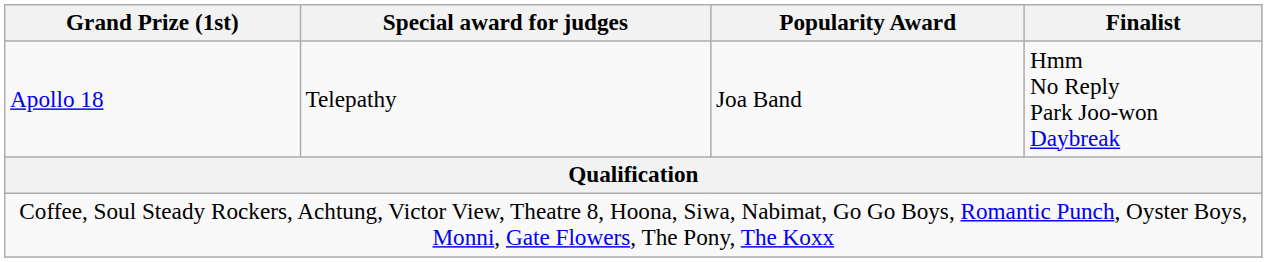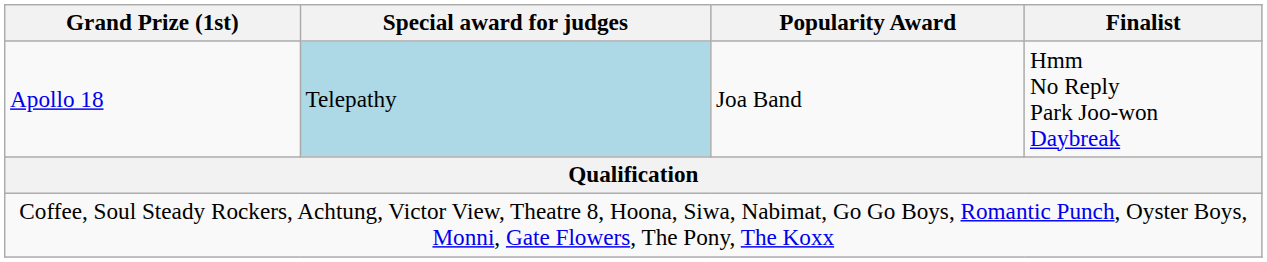 <table class="wikitable">
 <tr>
 <th scope="col">Grand Prize (1st)</th>
 <th scope="col">Special award for judges</th>
 <th scope="col">Popularity Award</th>
 <th scope="col">Finalist</th>
 </tr>
 <tr>
 <td scope="row"><a href='#'>Apollo 18</a></td>
-<td scope="row">Telepathy</td>
+<td scope="row" style="background: lightblue;">Telepathy</td>
 <td scope="row">Joa Band</td>
 <td scope="row">Hmm<br>No Reply<br>Park Joo-won<br><a href='#'>Daybreak</a></td>
 </tr>
 <tr>
 <th colspan="4" align="center">Qualification</th>
 </tr>
 <tr>
 <td colspan="4" align="center">Coffee, Soul Steady Rockers, Achtung, Victor View, Theatre 8, Hoona, Siwa, Nabimat, Go Go Boys, <a href='#'>Romantic Punch</a>, Oyster Boys, <a href='#'>Monni</a>, <a href='#'>Gate Flowers</a>, The Pony, <a href='#'>The Koxx</a></td>
 </tr>
 </table>
